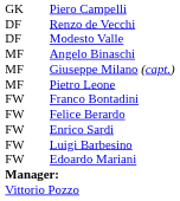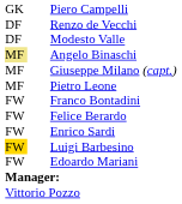 <table style="font-size:90%; margin:0.2em auto;" cellspacing="0" cellpadding="0">
 <tr>
 <th width="25"></th>
 <th width="25"></th>
 </tr>
 <tr>
 <td>GK</td>
 <td></td>
 <td><a href='#'>Piero Campelli</a></td>
 </tr>
 <tr>
 <td>DF</td>
 <td></td>
 <td><a href='#'>Renzo de Vecchi</a></td>
 </tr>
 <tr>
 <td>DF</td>
 <td></td>
 <td><a href='#'>Modesto Valle</a></td>
 </tr>
 <tr>
-<td>MF</td>
+<td style="background: khaki;">MF</td>
 <td></td>
 <td><a href='#'>Angelo Binaschi</a></td>
 </tr>
 <tr>
 <td>MF</td>
 <td></td>
 <td><a href='#'>Giuseppe Milano</a> <em>(<a href='#'>capt.</a>)</em></td>
 </tr>
 <tr>
 <td>MF</td>
 <td></td>
 <td><a href='#'>Pietro Leone</a></td>
 </tr>
 <tr>
 <td>FW</td>
 <td></td>
 <td><a href='#'>Franco Bontadini</a></td>
 </tr>
 <tr>
 <td>FW</td>
 <td></td>
 <td><a href='#'>Felice Berardo</a></td>
 </tr>
 <tr>
 <td>FW</td>
 <td></td>
 <td><a href='#'>Enrico Sardi</a></td>
 </tr>
 <tr>
-<td>FW</td>
+<td style="background: gold;">FW</td>
 <td></td>
 <td><a href='#'>Luigi Barbesino</a></td>
 </tr>
 <tr>
 <td>FW</td>
 <td></td>
 <td><a href='#'>Edoardo Mariani</a></td>
 </tr>
 <tr>
 <td colspan=3><strong>Manager:</strong></td>
 </tr>
 <tr>
 <td colspan=4> <a href='#'>Vittorio Pozzo</a></td>
 </tr>
 </table>
